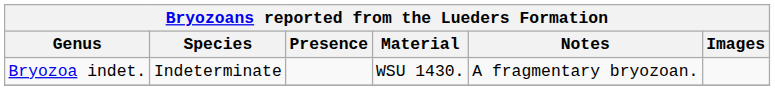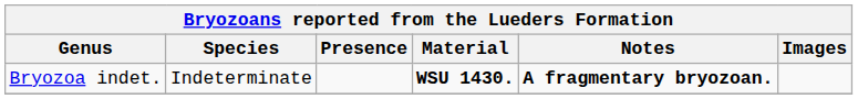 <table class="wikitable" align="center">
 <tr>
 <th colspan="6" align="center"><strong><a href='#'>Bryozoans</a> reported from the Lueders Formation</strong></th>
 </tr>
 <tr>
 <th>Genus</th>
 <th>Species</th>
 <th>Presence</th>
 <th><strong>Material</strong></th>
 <th>Notes</th>
 <th>Images</th>
 </tr>
 <tr>
 <td><a href='#'>Bryozoa</a> indet.</td>
 <td>Indeterminate</td>
 <td></td>
-<td>WSU 1430.</td>
-<td>A fragmentary bryozoan.</td>
+<td><strong>WSU 1430.</strong></td>
+<td><strong>A fragmentary bryozoan.</strong></td>
 <td></td>
 </tr>
 <tr>
 </tr>
 </table>
